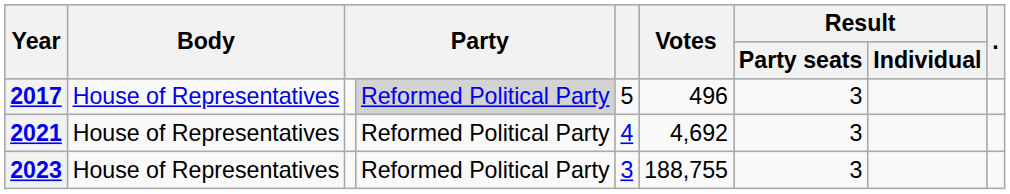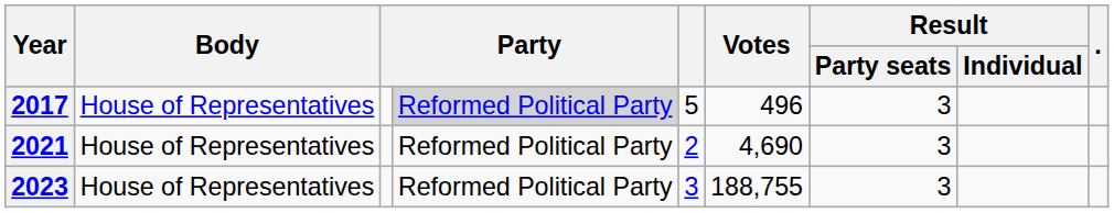 <table class="wikitable plainrowheaders sortable" border=2 cellpadding=4 cellspacing=0 style="border: 1px #aaa solid; font-size: 90%; text-align:center;">
 <tr>
 <th scope="col" rowspan=2>Year</th>
 <th scope="col" rowspan=2>Body</th>
 <th scope="col" colspan=2 rowspan=2>Party</th>
 <th scope="col" rowspan=2></th>
 <th scope="col" rowspan=2>Votes</th>
 <th scope="colgroup" colspan=2>Result</th>
 <th scope="col" rowspan=2 class="unsortable">.</th>
 </tr>
 <tr>
 <th scope="col">Party seats</th>
 <th scope="col">Individual</th>
 </tr>
 <tr>
 <th scope="row"><a href='#'>2017</a></th>
 <td><a href='#'>House of Representatives</a></td>
 <td style="background-color:"></td>
 <td style="background: lightgrey;"><a href='#'>Reformed Political Party</a></td>
 <td style=text-align:right>5</td>
 <td style=text-align:right>496</td>
 <td style=text-align:right>3</td>
 <td></td>
 <td></td>
 </tr>
 <tr>
 <th scope="row"><a href='#'>2021</a></th>
 <td>House of Representatives</td>
 <td style="background-color:"></td>
 <td>Reformed Political Party</td>
-<td style=text-align:right><a href='#'>4</a></td>
-<td style=text-align:right>4,692</td>
+<td style=text-align:right><a href='#'>2</a></td>
+<td style=text-align:right>4,690</td>
 <td style=text-align:right>3</td>
 <td></td>
 <td></td>
 </tr>
 <tr>
 <th scope="row"><a href='#'>2023</a></th>
 <td>House of Representatives</td>
 <td style="background-color:"></td>
 <td>Reformed Political Party</td>
 <td style=text-align:right><a href='#'>3</a></td>
 <td style=text-align:right>188,755</td>
 <td style=text-align:right>3</td>
 <td></td>
 <td></td>
 </tr>
 </table>
